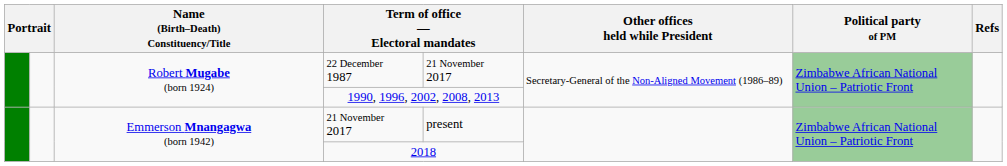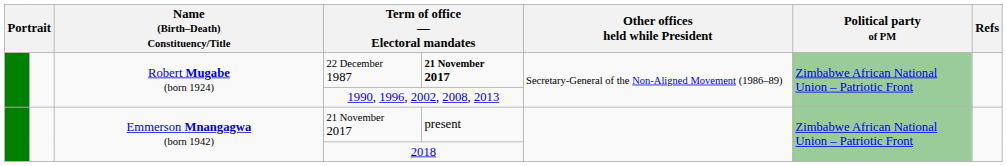 <table class="wikitable" width=100%>
 <tr>
 <th scope="col" colspan="2" width=40>Portrait</th>
 <th scope="col" width=27%>Name<br><small>(Birth–Death)<br>Constituency/Title</small></th>
 <th scope="col" colspan="2" width=20%>Term of office<br>—<br>Electoral mandates</th>
 <th scope="col" width=27%>Other offices<br>held while President</th>
 <th scope="col" width=18%>Political party<br><small>of PM</small></th>
 <th scope="col">Refs</th>
 </tr>
 <tr>
 <td scope="row" rowspan="2" style="background-color: #008000"></td>
 <td rowspan="2"></td>
 <td rowspan="2" align="center"><a href='#'>Robert <strong>Mugabe</strong></a><br><small>(born 1924)</small></td>
 <td><small>22 December</small><br>1987</td>
-<td><small>21 November</small><br>2017</td>
+<td><strong><small>21 November</small><br>2017</strong></td>
 <td rowspan="2"><small>Secretary-General of the <a href='#'>Non-Aligned Movement</a> (1986–89)</small></td>
 <td bgcolor=#99CC99 rowspan="2"><a href='#'>Zimbabwe African National Union – Patriotic Front</a></td>
 <td rowspan="2" align=center></td>
 </tr>
 <tr>
 <td colspan="2" align="center"><a href='#'>1990</a>, <a href='#'>1996</a>, <a href='#'>2002</a>, <a href='#'>2008</a>, <a href='#'>2013</a></td>
 </tr>
 <tr>
 <td scope="row" rowspan="2" style="background-color: #008000"></td>
 <td rowspan="2"></td>
 <td rowspan="2" align="center"><a href='#'>Emmerson <strong>Mnangagwa</strong></a><br><small>(born 1942)</small></td>
 <td><small>21 November</small><br>2017</td>
 <td>present</td>
 <td rowspan="2"></td>
 <td bgcolor=#99CC99 rowspan="2"><a href='#'>Zimbabwe African National Union – Patriotic Front</a></td>
 <td rowspan="2"></td>
 </tr>
 <tr>
 <td colspan="2" align="center"><a href='#'>2018</a></td>
 </tr>
 </table>
